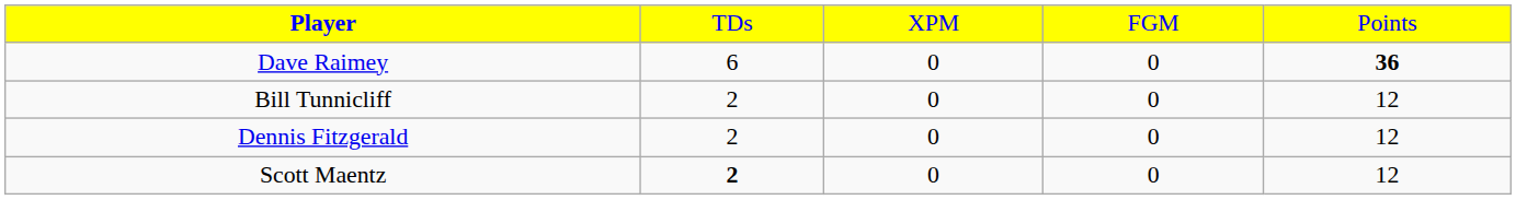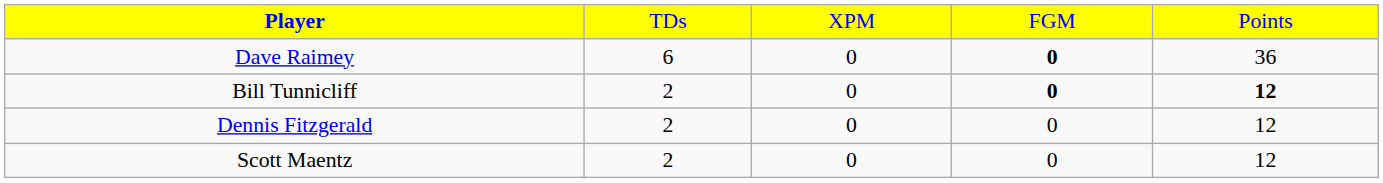 <table class="wikitable" width="80%">
 <tr align="center" style="background:yellow;color:blue;">
 <td><strong>Player</strong></td>
 <td>TDs</td>
 <td>XPM</td>
 <td>FGM</td>
 <td>Points</td>
 </tr>
 <tr align="center" bgcolor="">
 <td><a href='#'>Dave Raimey</a></td>
 <td>6</td>
 <td>0</td>
-<td>0</td>
-<td><strong>36</strong></td>
+<td><strong>0</strong></td>
+<td>36</td>
 </tr>
 <tr align="center" bgcolor="">
 <td>Bill Tunnicliff</td>
 <td>2</td>
 <td>0</td>
-<td>0</td>
-<td>12</td>
+<td><strong>0</strong></td>
+<td><strong>12</strong></td>
 </tr>
 <tr align="center" bgcolor="">
 <td><a href='#'>Dennis Fitzgerald</a></td>
 <td>2</td>
 <td>0</td>
 <td>0</td>
 <td>12</td>
 </tr>
 <tr align="center" bgcolor="">
 <td>Scott Maentz</td>
-<td><strong>2</strong></td>
+<td>2</td>
 <td>0</td>
 <td>0</td>
 <td>12</td>
 </tr>
 </table>
